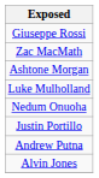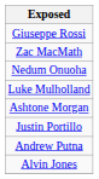 <table class="wikitable" style="text-align:center">
 <tr>
 <th>Exposed</th>
 </tr>
 <tr>
 <td><a href='#'>Giuseppe Rossi</a></td>
 </tr>
 <tr>
 <td><a href='#'>Zac MacMath</a></td>
 </tr>
 <tr>
-<td><a href='#'>Ashtone Morgan</a></td>
+<td><a href='#'>Nedum Onuoha</a></td>
 </tr>
 <tr>
 <td><a href='#'>Luke Mulholland</a></td>
 </tr>
 <tr>
-<td><a href='#'>Nedum Onuoha</a></td>
+<td><a href='#'>Ashtone Morgan</a></td>
 </tr>
 <tr>
 <td><a href='#'>Justin Portillo</a></td>
 </tr>
 <tr>
 <td><a href='#'>Andrew Putna</a></td>
 </tr>
 <tr>
 <td><a href='#'>Alvin Jones</a></td>
 </tr>
 <tr>
 </tr>
 </table>
